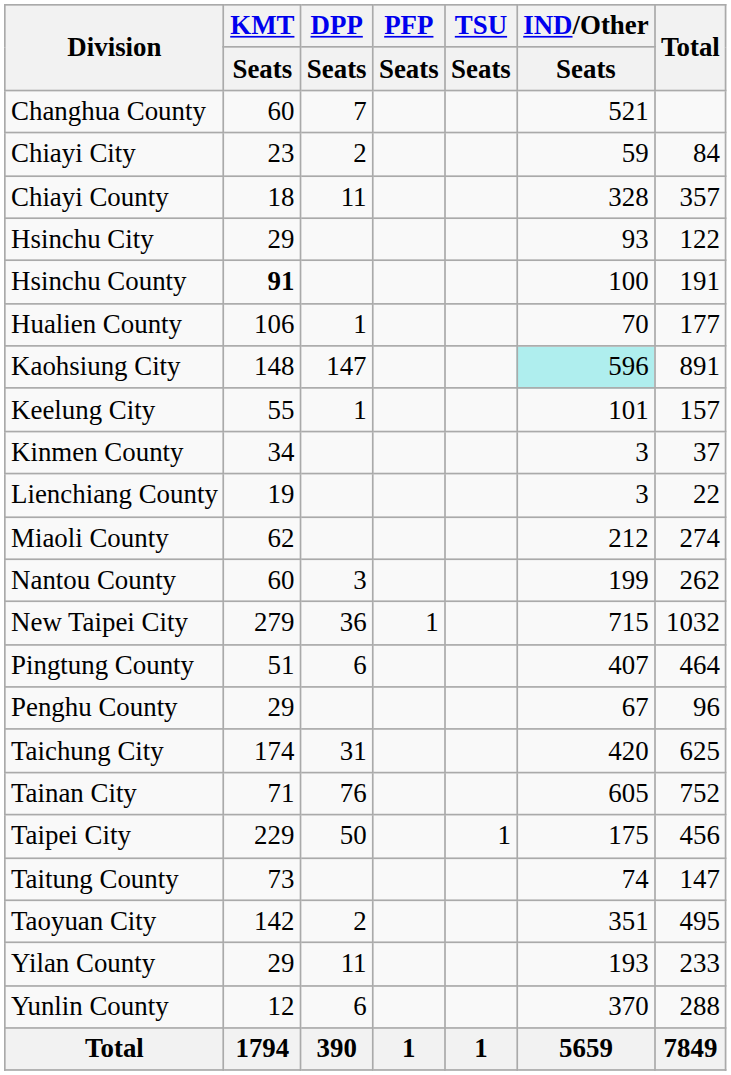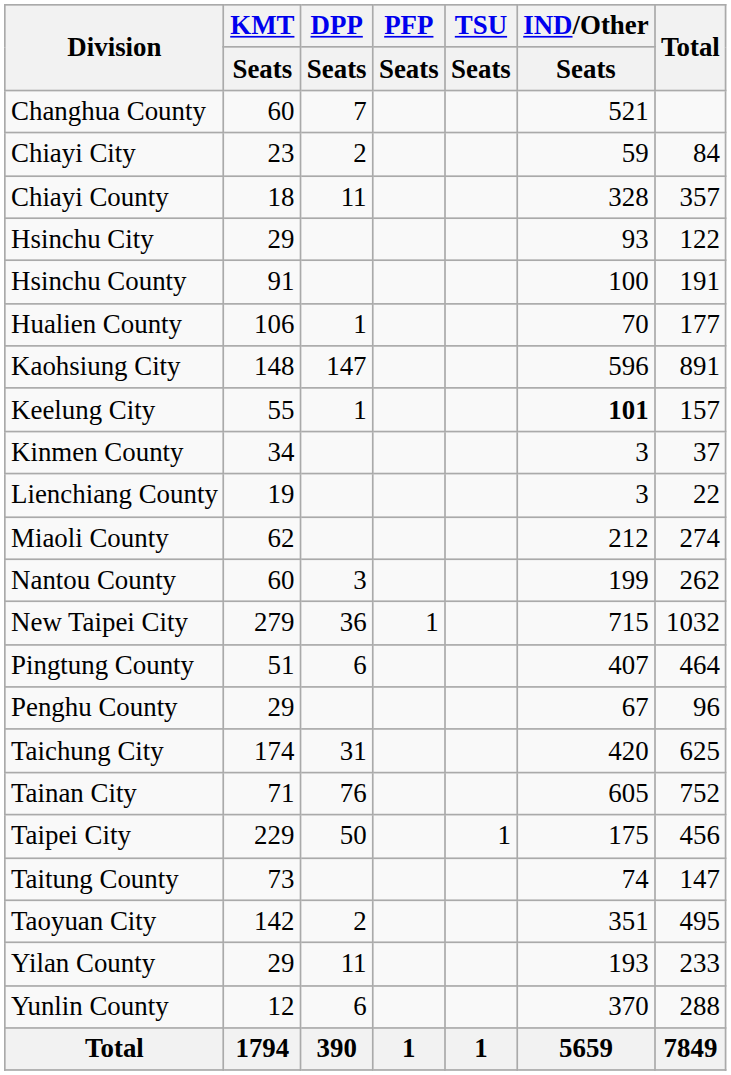 <table class=wikitable style="text-align:right;">
 <tr>
 <th rowspan=2>Division</th>
 <th><a href='#'>KMT</a></th>
 <th><a href='#'>DPP</a></th>
 <th><a href='#'>PFP</a></th>
 <th><a href='#'>TSU</a></th>
 <th><a href='#'>IND</a>/Other</th>
 <th rowspan=2>Total</th>
 </tr>
 <tr>
 <th>Seats</th>
 <th>Seats</th>
 <th>Seats</th>
 <th>Seats</th>
 <th>Seats</th>
 </tr>
 <tr>
 <td align=left>Changhua County</td>
 <td>60</td>
 <td>7</td>
 <td></td>
 <td></td>
 <td>521</td>
 <td></td>
 </tr>
 <tr>
 <td align=left>Chiayi City</td>
 <td>23</td>
 <td>2</td>
 <td></td>
 <td></td>
 <td>59</td>
 <td>84</td>
 </tr>
 <tr>
 <td align=left>Chiayi County</td>
 <td>18</td>
 <td>11</td>
 <td></td>
 <td></td>
 <td>328</td>
 <td>357</td>
 </tr>
 <tr>
 <td align=left>Hsinchu City</td>
 <td>29</td>
 <td></td>
 <td></td>
 <td></td>
 <td>93</td>
 <td>122</td>
 </tr>
 <tr>
 <td align=left>Hsinchu County</td>
-<td><strong>91</strong></td>
+<td>91</td>
 <td></td>
 <td></td>
 <td></td>
 <td>100</td>
 <td>191</td>
 </tr>
 <tr>
 <td align=left>Hualien County</td>
 <td>106</td>
 <td>1</td>
 <td></td>
 <td></td>
 <td>70</td>
 <td>177</td>
 </tr>
 <tr>
 <td align=left>Kaohsiung City</td>
 <td>148</td>
 <td>147</td>
 <td></td>
 <td></td>
-<td style="background: paleturquoise;">596</td>
+<td>596</td>
 <td>891</td>
 </tr>
 <tr>
 <td align=left>Keelung City</td>
 <td>55</td>
 <td>1</td>
 <td></td>
 <td></td>
-<td>101</td>
+<td><strong>101</strong></td>
 <td>157</td>
 </tr>
 <tr>
 <td align=left>Kinmen County</td>
 <td>34</td>
 <td></td>
 <td></td>
 <td></td>
 <td>3</td>
 <td>37</td>
 </tr>
 <tr>
 <td align=left>Lienchiang County</td>
 <td>19</td>
 <td></td>
 <td></td>
 <td></td>
 <td>3</td>
 <td>22</td>
 </tr>
 <tr>
 <td align=left>Miaoli County</td>
 <td>62</td>
 <td></td>
 <td></td>
 <td></td>
 <td>212</td>
 <td>274</td>
 </tr>
 <tr>
 <td align=left>Nantou County</td>
 <td>60</td>
 <td>3</td>
 <td></td>
 <td></td>
 <td>199</td>
 <td>262</td>
 </tr>
 <tr>
 <td align=left>New Taipei City</td>
 <td>279</td>
 <td>36</td>
 <td>1</td>
 <td></td>
 <td>715</td>
 <td>1032</td>
 </tr>
 <tr>
 <td align=left>Pingtung County</td>
 <td>51</td>
 <td>6</td>
 <td></td>
 <td></td>
 <td>407</td>
 <td>464</td>
 </tr>
 <tr>
 <td align=left>Penghu County</td>
 <td>29</td>
 <td></td>
 <td></td>
 <td></td>
 <td>67</td>
 <td>96</td>
 </tr>
 <tr>
 <td align=left>Taichung City</td>
 <td>174</td>
 <td>31</td>
 <td></td>
 <td></td>
 <td>420</td>
 <td>625</td>
 </tr>
 <tr>
 <td align=left>Tainan City</td>
 <td>71</td>
 <td>76</td>
 <td></td>
 <td></td>
 <td>605</td>
 <td>752</td>
 </tr>
 <tr>
 <td align=left>Taipei City</td>
 <td>229</td>
 <td>50</td>
 <td></td>
 <td>1</td>
 <td>175</td>
 <td>456</td>
 </tr>
 <tr>
 <td align=left>Taitung County</td>
 <td>73</td>
 <td></td>
 <td></td>
 <td></td>
 <td>74</td>
 <td>147</td>
 </tr>
 <tr>
 <td align=left>Taoyuan City</td>
 <td>142</td>
 <td>2</td>
 <td></td>
 <td></td>
 <td>351</td>
 <td>495</td>
 </tr>
 <tr>
 <td align=left>Yilan County</td>
 <td>29</td>
 <td>11</td>
 <td></td>
 <td></td>
 <td>193</td>
 <td>233</td>
 </tr>
 <tr>
 <td align=left>Yunlin County</td>
 <td>12</td>
 <td>6</td>
 <td></td>
 <td></td>
 <td>370</td>
 <td>288</td>
 </tr>
 <tr>
 <th>Total</th>
 <th>1794</th>
 <th>390</th>
 <th>1</th>
 <th>1</th>
 <th>5659</th>
 <th>7849</th>
 </tr>
 </table>
